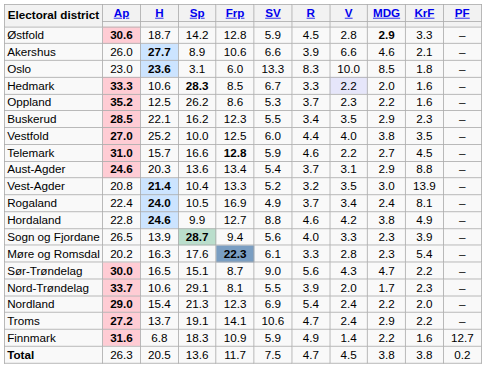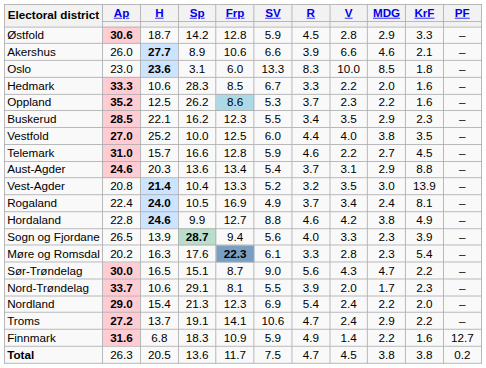 <table class="wikitable sortable" style="text-align:center;font-size:90%;line-height:14px">
 <tr>
 <th rowspan="2" class="wikitable sortable">Electoral district</th>
 <th class="wikitable sortable" style="width:40px;"><a href='#'>Ap</a></th>
 <th class="wikitable sortable" style="width:40px;"><a href='#'>H</a></th>
 <th class="wikitable sortable" style="width:40px;"><a href='#'>Sp</a></th>
 <th class="wikitable sortable" style="width:40px;"><a href='#'>Frp</a></th>
 <th class="wikitable sortable" style="width:40px;"><a href='#'>SV</a></th>
 <th class="wikitable sortable" style="width:40px;"><a href='#'>R</a></th>
 <th class="wikitable sortable" style="width:40px;"><a href='#'>V</a></th>
 <th class="wikitable sortable" style="width:40px;"><a href='#'>MDG</a></th>
 <th class="wikitable sortable" style="width:40px;"><a href='#'>KrF</a></th>
 <th class="wikitable sortable" style="width:40px;"><a href='#'>PF</a></th>
 </tr>
 <tr>
 <th class="wikitable sortable" style="background:"></th>
 <th class="wikitable sortable" style="background:"></th>
 <th class="wikitable sortable" style="background:"></th>
 <th class="wikitable sortable" style="background:"></th>
 <th class="wikitable sortable" style="background:"></th>
 <th class="wikitable sortable" style="background:"></th>
 <th class="wikitable sortable" style="background:"></th>
 <th class="wikitable sortable" style="background:"></th>
 <th class="wikitable sortable" style="background:"></th>
 <th class="wikitable sortable" style="background:"></th>
 </tr>
 <tr>
 <td align="left">Østfold</td>
 <td style="background:#FFCCD4;"><strong>30.6</strong></td>
 <td>18.7</td>
 <td>14.2</td>
 <td>12.8</td>
 <td>5.9</td>
 <td>4.5</td>
 <td>2.8</td>
-<td><strong>2.9</strong></td>
+<td>2.9</td>
 <td>3.3</td>
 <td>–</td>
 </tr>
 <tr>
 <td align="left">Akershus</td>
 <td>26.0</td>
 <td style="background:#CCE4FF;"><strong>27.7</strong></td>
 <td>8.9</td>
 <td>10.6</td>
 <td>6.6</td>
 <td>3.9</td>
 <td>6.6</td>
 <td>4.6</td>
 <td>2.1</td>
 <td>–</td>
 </tr>
 <tr>
 <td align="left">Oslo</td>
 <td>23.0</td>
 <td style="background:#CCE4FF;"><strong>23.6</strong></td>
 <td>3.1</td>
 <td>6.0</td>
 <td>13.3</td>
 <td>8.3</td>
 <td>10.0</td>
 <td>8.5</td>
 <td>1.8</td>
 <td>–</td>
 </tr>
 <tr>
 <td align="left">Hedmark</td>
 <td style="background:#FFCCD4;"><strong>33.3</strong></td>
 <td>10.6</td>
-<td><strong>28.3</strong></td>
+<td>28.3</td>
 <td>8.5</td>
 <td>6.7</td>
 <td>3.3</td>
-<td style="background: lavender;">2.2</td>
+<td>2.2</td>
 <td>2.0</td>
 <td>1.6</td>
 <td>–</td>
 </tr>
 <tr>
 <td align="left">Oppland</td>
 <td style="background:#FFCCD4;"><strong>35.2</strong></td>
 <td>12.5</td>
 <td>26.2</td>
-<td>8.6</td>
+<td style="background: lightblue;">8.6</td>
 <td>5.3</td>
 <td>3.7</td>
 <td>2.3</td>
 <td>2.2</td>
 <td>1.6</td>
 <td>–</td>
 </tr>
 <tr>
 <td align="left">Buskerud</td>
 <td style="background:#FFCCD4;"><strong>28.5</strong></td>
 <td>22.1</td>
 <td>16.2</td>
 <td>12.3</td>
 <td>5.5</td>
 <td>3.4</td>
 <td>3.5</td>
 <td>2.9</td>
 <td>2.3</td>
 <td>–</td>
 </tr>
 <tr>
 <td align="left">Vestfold</td>
 <td style="background:#FFCCD4;"><strong>27.0</strong></td>
 <td>25.2</td>
 <td>10.0</td>
 <td>12.5</td>
 <td>6.0</td>
 <td>4.4</td>
 <td>4.0</td>
 <td>3.8</td>
 <td>3.5</td>
 <td>–</td>
 </tr>
 <tr>
 <td align="left">Telemark</td>
 <td style="background:#FFCCD4;"><strong>31.0</strong></td>
 <td>15.7</td>
 <td>16.6</td>
-<td><strong>12.8</strong></td>
+<td>12.8</td>
 <td>5.9</td>
 <td>4.6</td>
 <td>2.2</td>
 <td>2.7</td>
 <td>4.5</td>
 <td>–</td>
 </tr>
 <tr>
 <td align="left">Aust-Agder</td>
 <td style="background:#FFCCD4;"><strong>24.6</strong></td>
 <td>20.3</td>
 <td>13.6</td>
 <td>13.4</td>
 <td>5.4</td>
 <td>3.7</td>
 <td>3.1</td>
 <td>2.9</td>
 <td>8.8</td>
 <td>–</td>
 </tr>
 <tr>
 <td align="left">Vest-Agder</td>
 <td>20.8</td>
 <td style="background:#CCE4FF;"><strong>21.4</strong></td>
 <td>10.4</td>
 <td>13.3</td>
 <td>5.2</td>
 <td>3.2</td>
 <td>3.5</td>
 <td>3.0</td>
 <td>13.9</td>
 <td>–</td>
 </tr>
 <tr>
 <td align="left">Rogaland</td>
 <td>22.4</td>
 <td style="background:#CCE4FF;"><strong>24.0</strong></td>
 <td>10.5</td>
 <td>16.9</td>
 <td>4.9</td>
 <td>3.7</td>
 <td>3.4</td>
 <td>2.4</td>
 <td>8.1</td>
 <td>–</td>
 </tr>
 <tr>
 <td align="left">Hordaland</td>
 <td>22.8</td>
 <td style="background:#CCE4FF;"><strong>24.6</strong></td>
 <td>9.9</td>
 <td>12.7</td>
 <td>8.8</td>
 <td>4.6</td>
 <td>4.2</td>
 <td>3.8</td>
 <td>4.9</td>
 <td>–</td>
 </tr>
 <tr>
 <td align="left">Sogn og Fjordane</td>
 <td>26.5</td>
 <td>13.9</td>
 <td style="background:#BADECC;"><strong>28.7</strong></td>
 <td>9.4</td>
 <td>5.6</td>
 <td>4.0</td>
 <td>3.3</td>
 <td>2.3</td>
 <td>3.9</td>
 <td>–</td>
 </tr>
 <tr>
 <td align="left">Møre og Romsdal</td>
 <td>20.2</td>
 <td>16.3</td>
 <td>17.6</td>
 <td style="background:#7a9ec2;"><strong>22.3</strong></td>
 <td>6.1</td>
 <td>3.3</td>
 <td>2.8</td>
 <td>2.3</td>
 <td>5.4</td>
 <td>–</td>
 </tr>
 <tr>
 <td align="left">Sør-Trøndelag</td>
 <td style="background:#FFCCD4;"><strong>30.0</strong></td>
 <td>16.5</td>
 <td>15.1</td>
 <td>8.7</td>
 <td>9.0</td>
 <td>5.6</td>
 <td>4.3</td>
 <td>4.7</td>
 <td>2.2</td>
 <td>–</td>
 </tr>
 <tr>
 <td align="left">Nord-Trøndelag</td>
 <td style="background:#FFCCD4;"><strong>33.7</strong></td>
 <td>10.6</td>
 <td>29.1</td>
 <td>8.1</td>
 <td>5.5</td>
 <td>3.9</td>
 <td>2.0</td>
 <td>1.7</td>
 <td>2.3</td>
 <td>–</td>
 </tr>
 <tr>
 <td align="left">Nordland</td>
 <td style="background:#FFCCD4;"><strong>29.0</strong></td>
 <td>15.4</td>
 <td>21.3</td>
 <td>12.3</td>
 <td>6.9</td>
 <td>5.4</td>
 <td>2.4</td>
 <td>2.2</td>
 <td>2.0</td>
 <td>–</td>
 </tr>
 <tr>
 <td align="left">Troms</td>
 <td style="background:#FFCCD4;"><strong>27.2</strong></td>
 <td>13.7</td>
 <td>19.1</td>
 <td>14.1</td>
 <td>10.6</td>
 <td>4.7</td>
 <td>2.4</td>
 <td>2.9</td>
 <td>2.2</td>
 <td>–</td>
 </tr>
 <tr>
 <td align="left">Finnmark</td>
 <td style="background:#FFCCD4;"><strong>31.6</strong></td>
 <td>6.8</td>
 <td>18.3</td>
 <td>10.9</td>
 <td>5.9</td>
 <td>4.9</td>
 <td>1.4</td>
 <td>2.2</td>
 <td>1.6</td>
 <td>12.7</td>
 </tr>
 <tr class="sortbottom">
 <td align="left"><strong>Total</strong></td>
 <td>26.3</td>
 <td>20.5</td>
 <td>13.6</td>
 <td>11.7</td>
 <td>7.5</td>
 <td>4.7</td>
 <td>4.5</td>
 <td>3.8</td>
 <td>3.8</td>
 <td>0.2</td>
 </tr>
 </table>
